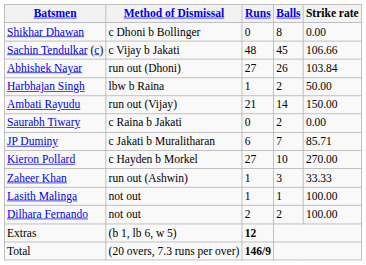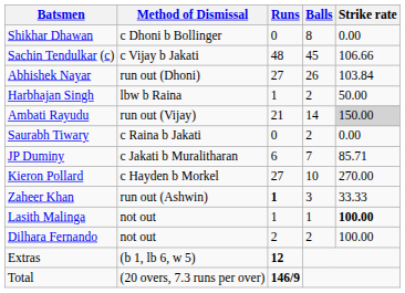 <table class="wikitable">
 <tr>
 <th><a href='#'>Batsmen</a></th>
 <th><a href='#'>Method of Dismissal</a></th>
 <th><a href='#'>Runs</a></th>
 <th><a href='#'>Balls</a></th>
 <th>Strike rate</th>
 </tr>
 <tr>
 <td><a href='#'>Shikhar Dhawan</a></td>
 <td>c Dhoni b Bollinger</td>
 <td>0</td>
 <td>8</td>
 <td>0.00</td>
 </tr>
 <tr>
 <td><a href='#'>Sachin Tendulkar</a> (<a href='#'>c</a>)</td>
 <td>c Vijay b Jakati</td>
 <td>48</td>
 <td>45</td>
 <td>106.66</td>
 </tr>
 <tr>
 <td><a href='#'>Abhishek Nayar</a></td>
 <td>run out (Dhoni)</td>
 <td>27</td>
 <td>26</td>
 <td>103.84</td>
 </tr>
 <tr>
 <td><a href='#'>Harbhajan Singh</a></td>
 <td>lbw b Raina</td>
 <td>1</td>
 <td>2</td>
 <td>50.00</td>
 </tr>
 <tr>
 <td><a href='#'>Ambati Rayudu</a></td>
 <td>run out (Vijay)</td>
 <td>21</td>
 <td>14</td>
-<td>150.00</td>
+<td style="background: lightgrey;">150.00</td>
 </tr>
 <tr>
 <td><a href='#'>Saurabh Tiwary</a></td>
 <td>c Raina b Jakati</td>
 <td>0</td>
 <td>2</td>
 <td>0.00</td>
 </tr>
 <tr>
 <td><a href='#'>JP Duminy</a></td>
 <td>c Jakati b Muralitharan</td>
 <td>6</td>
 <td>7</td>
 <td>85.71</td>
 </tr>
 <tr>
 <td><a href='#'>Kieron Pollard</a></td>
 <td>c Hayden b Morkel</td>
 <td>27</td>
 <td>10</td>
 <td>270.00</td>
 </tr>
 <tr>
 <td><a href='#'>Zaheer Khan</a></td>
 <td>run out (Ashwin)</td>
-<td>1</td>
+<td><strong>1</strong></td>
 <td>3</td>
 <td>33.33</td>
 </tr>
 <tr>
 <td><a href='#'>Lasith Malinga</a></td>
 <td>not out</td>
 <td>1</td>
 <td>1</td>
-<td>100.00</td>
+<td><strong>100.00</strong></td>
 </tr>
 <tr>
 <td><a href='#'>Dilhara Fernando</a></td>
 <td>not out</td>
 <td>2</td>
 <td>2</td>
 <td>100.00</td>
 </tr>
 <tr>
 <td>Extras</td>
 <td>(b 1, lb 6, w 5)</td>
 <td><strong>12</strong></td>
 <td colspan="2"></td>
 </tr>
 <tr>
 <td>Total</td>
 <td>(20 overs, 7.3 runs per over)</td>
 <td><strong>146/9</strong></td>
 <td colspan="2"></td>
 </tr>
 </table>
